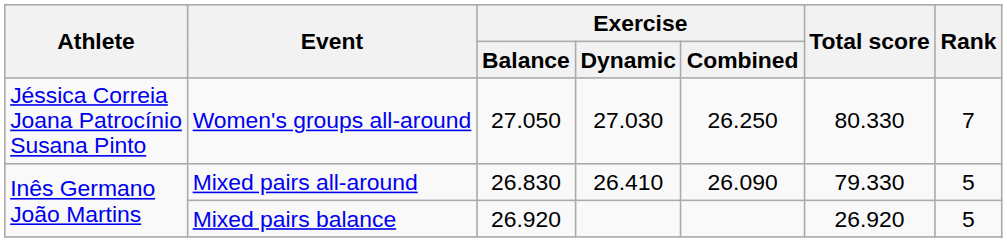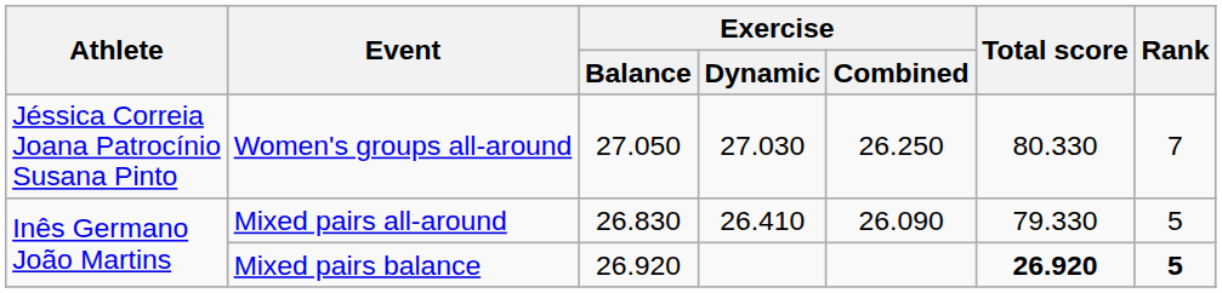 <table class=wikitable style="font-size:90%; text-align:center;">
 <tr>
 <th rowspan=2>Athlete</th>
 <th rowspan=2>Event</th>
 <th colspan=3>Exercise</th>
 <th rowspan=2>Total score</th>
 <th rowspan=2>Rank</th>
 </tr>
 <tr>
 <th>Balance</th>
 <th>Dynamic</th>
 <th>Combined</th>
 </tr>
 <tr>
 <td align=left><a href='#'>Jéssica Correia</a><br><a href='#'>Joana Patrocínio</a><br><a href='#'>Susana Pinto</a></td>
 <td align=left><a href='#'>Women's groups all-around</a></td>
 <td>27.050</td>
 <td>27.030</td>
 <td>26.250</td>
 <td>80.330</td>
 <td>7</td>
 </tr>
 <tr>
 <td align=left rowspan=2><a href='#'>Inês Germano</a><br><a href='#'>João Martins</a></td>
 <td align=left><a href='#'>Mixed pairs all-around</a></td>
 <td>26.830</td>
 <td>26.410</td>
 <td>26.090</td>
 <td>79.330</td>
 <td>5</td>
 </tr>
 <tr>
 <td align=left><a href='#'>Mixed pairs balance</a></td>
 <td>26.920</td>
 <td></td>
 <td></td>
-<td>26.920</td>
-<td>5</td>
+<td><strong>26.920</strong></td>
+<td><strong>5</strong></td>
 </tr>
 </table>
